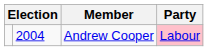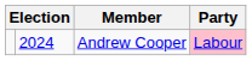 <table class="wikitable">
 <tr>
 <th colspan="2">Election</th>
 <th>Member</th>
 <th>Party</th>
 </tr>
 <tr>
 <td style="color:inherit;background-color: "></td>
-<td><a href='#'>2004</a></td>
+<td><a href='#'>2024</a></td>
 <td><a href='#'>Andrew Cooper</a></td>
 <td style="background: pink;"><a href='#'>Labour</a></td>
 </tr>
 </table>
